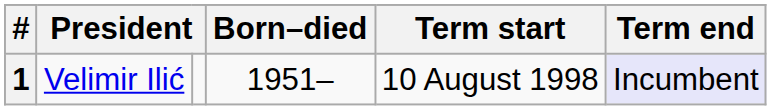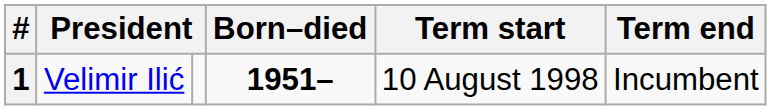 <table class="wikitable" style="text-align:center">
 <tr>
 <th>#</th>
 <th colspan="2">President</th>
 <th>Born–died</th>
 <th>Term start</th>
 <th>Term end</th>
 </tr>
 <tr>
 <th style="background:">1</th>
 <td><a href='#'>Velimir Ilić</a></td>
 <td></td>
-<td>1951–</td>
+<td><strong>1951–</strong></td>
 <td>10 August 1998</td>
-<td style="background: lavender;">Incumbent</td>
+<td>Incumbent</td>
 </tr>
 </table>
